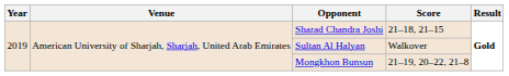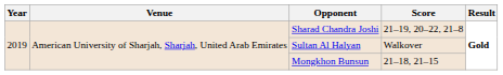 <table class="sortable wikitable" style="font-size: 90%;">
 <tr>
 <th>Year</th>
 <th>Venue</th>
 <th>Opponent</th>
 <th>Score</th>
 <th>Result</th>
 </tr>
 <tr style="background:#F3E6D7">
 <td rowspan="3" align="center">2019</td>
 <td rowspan="3" align="left">American University of Sharjah, <a href='#'>Sharjah</a>, United Arab Emirates</td>
 <td align="left"> <a href='#'>Sharad Chandra Joshi</a></td>
-<td align="left">21–18, 21–15</td>
+<td align="left">21–19, 20–22, 21–8</td>
 <td rowspan="3" style="text-align:left; background:white"> <strong>Gold</strong></td>
 </tr>
 <tr style="background:#F3E6D7">
 <td align="left"> <a href='#'>Sultan Al Halyan</a></td>
 <td align="left">Walkover</td>
 </tr>
 <tr style="background:#F3E6D7">
 <td align="left"> <a href='#'>Mongkhon Bunsun</a></td>
-<td align="left">21–19, 20–22, 21–8</td>
+<td align="left">21–18, 21–15</td>
 </tr>
 </table>
